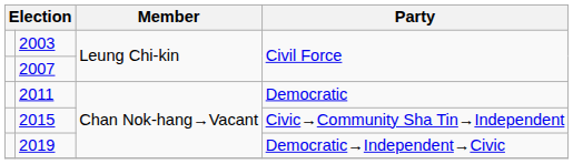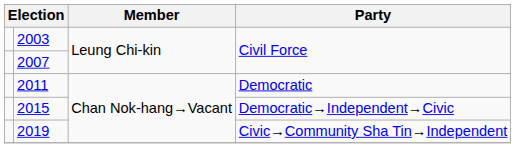 <table class="wikitable">
 <tr>
 <th colspan="2">Election</th>
 <th>Member</th>
 <th>Party</th>
 </tr>
 <tr>
 <td style="color:inherit;background:"></td>
 <td><a href='#'>2003</a></td>
 <td rowspan=2>Leung Chi-kin</td>
 <td rowspan=2><a href='#'>Civil Force</a></td>
 </tr>
 <tr>
 <td style="color:inherit;background:"></td>
 <td><a href='#'>2007</a></td>
 </tr>
 <tr>
 <td style="color:inherit;background:"></td>
 <td><a href='#'>2011</a></td>
 <td rowspan=3>Chan Nok-hang→Vacant</td>
 <td><a href='#'>Democratic</a></td>
 </tr>
 <tr>
 <td style="color:inherit;background:"></td>
 <td><a href='#'>2015</a></td>
-<td><a href='#'>Civic</a>→<a href='#'>Community Sha Tin</a>→<a href='#'>Independent</a></td>
+<td><a href='#'>Democratic</a>→<a href='#'>Independent</a>→<a href='#'>Civic</a></td>
 </tr>
 <tr>
 <td style="color:inherit;background:"></td>
 <td><a href='#'>2019</a></td>
-<td><a href='#'>Democratic</a>→<a href='#'>Independent</a>→<a href='#'>Civic</a></td>
+<td><a href='#'>Civic</a>→<a href='#'>Community Sha Tin</a>→<a href='#'>Independent</a></td>
 </tr>
 <tr>
 </tr>
 </table>
